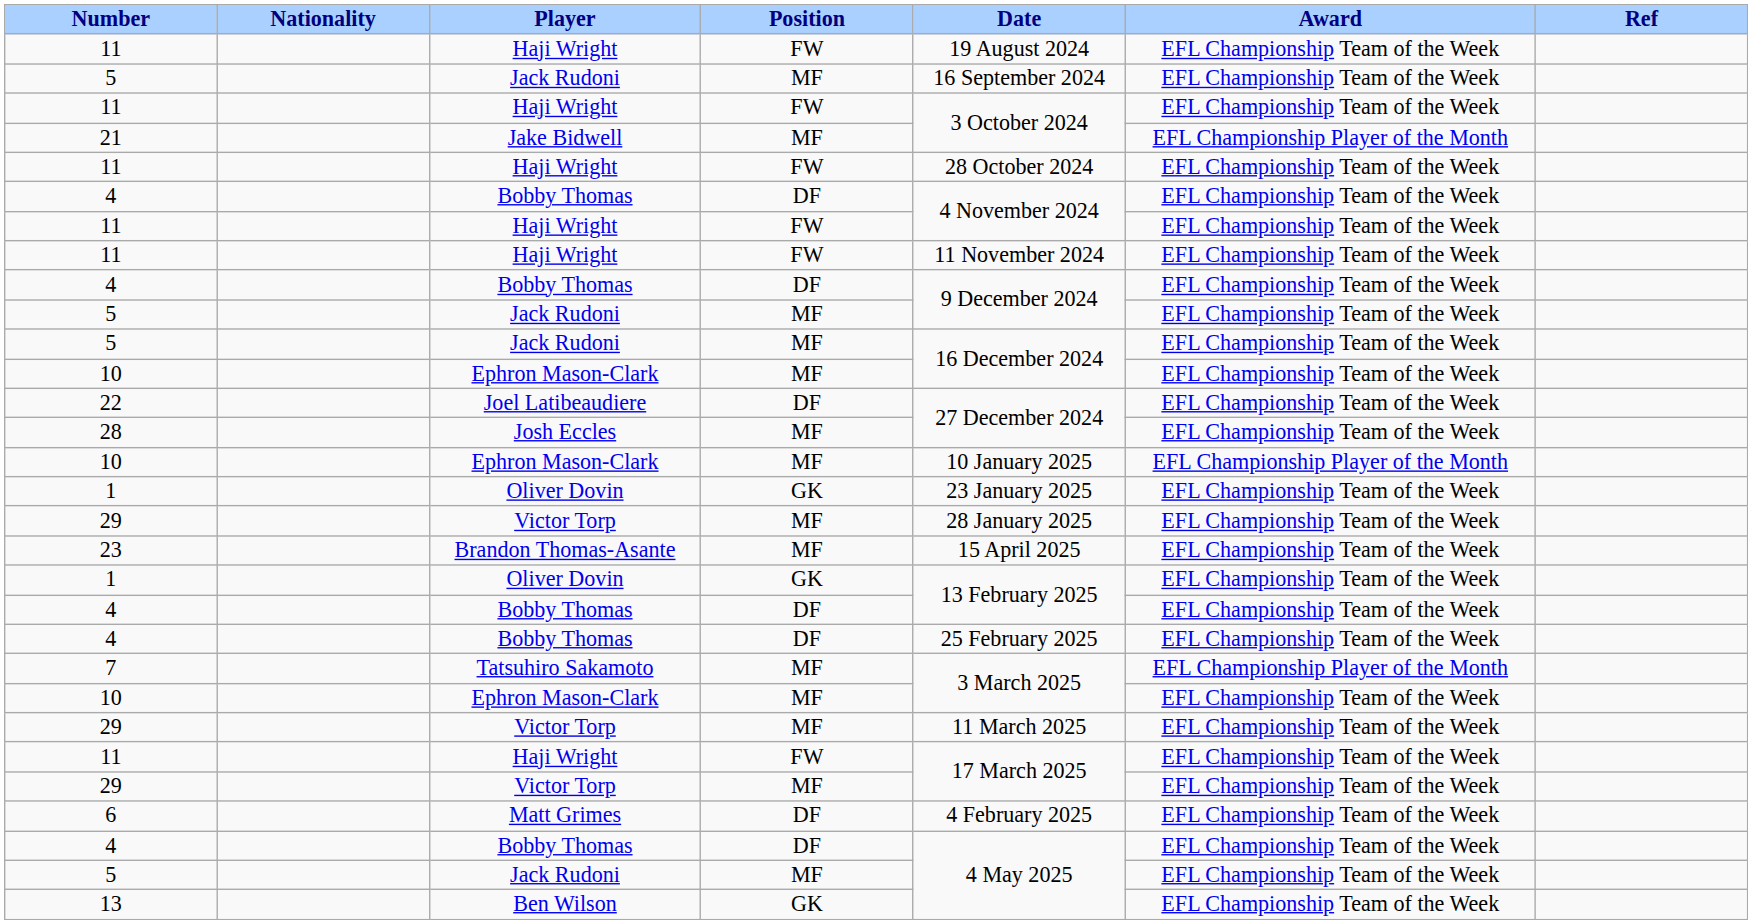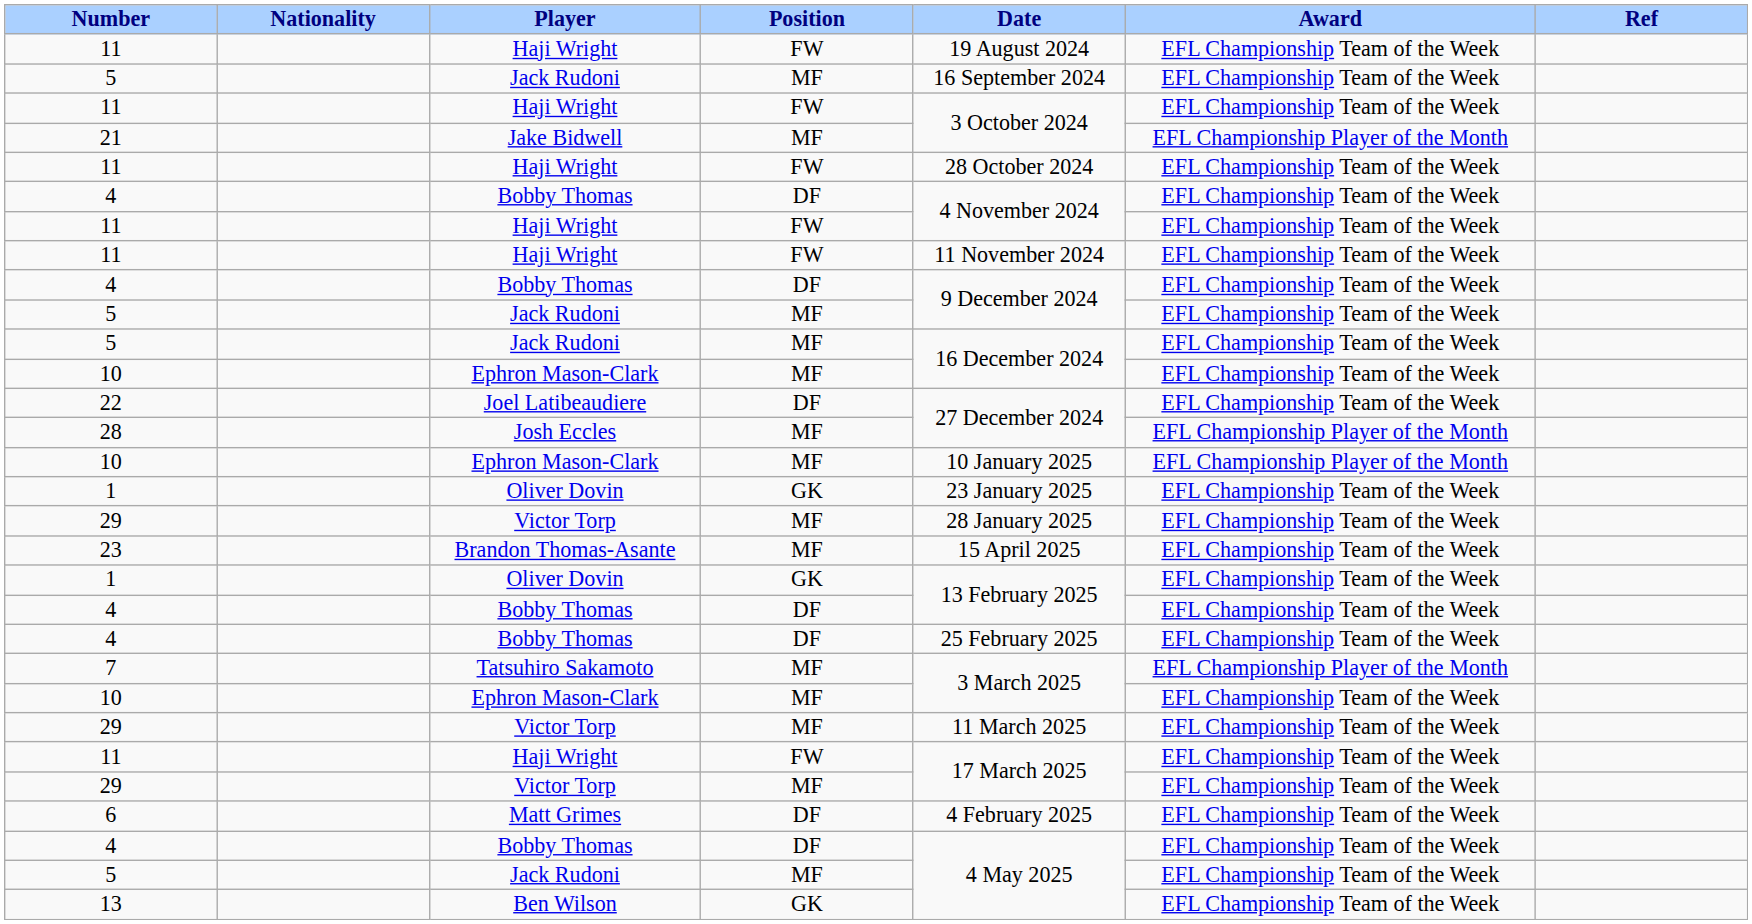 <table class="wikitable sortable alternance" style="font-size:100%; text-align:center; line-height:14px; width:100%;">
 <tr>
 <th style="background:#AAD0FF; color:#000080; width:100px;">Number</th>
 <th style="background:#AAD0FF; color:#000080; width:100px;">Nationality</th>
 <th style="background:#AAD0FF; color:#000080; width:130px;">Player</th>
 <th style="background:#AAD0FF; color:#000080; width:100px;">Position</th>
 <th style="background:#AAD0FF; color:#000080; width:100px;">Date</th>
 <th style="background:#AAD0FF; color:#000080; width:200px;">Award</th>
 <th style="background:#AAD0FF; color:#000080; width:100px;">Ref</th>
 </tr>
 <tr>
 <td>11</td>
 <td></td>
 <td><a href='#'>Haji Wright</a></td>
 <td>FW</td>
 <td>19 August 2024</td>
 <td><a href='#'>EFL Championship</a> Team of the Week</td>
 <td></td>
 </tr>
 <tr>
 <td>5</td>
 <td></td>
 <td><a href='#'>Jack Rudoni</a></td>
 <td>MF</td>
 <td>16 September 2024</td>
 <td><a href='#'>EFL Championship</a> Team of the Week</td>
 <td></td>
 </tr>
 <tr>
 <td>11</td>
 <td></td>
 <td><a href='#'>Haji Wright</a></td>
 <td>FW</td>
 <td rowspan=2>3 October 2024</td>
 <td><a href='#'>EFL Championship</a> Team of the Week</td>
 <td></td>
 </tr>
 <tr>
 <td>21</td>
 <td></td>
 <td><a href='#'>Jake Bidwell</a></td>
 <td>MF</td>
 <td><a href='#'>EFL Championship Player of the Month</a></td>
 <td></td>
 </tr>
 <tr>
 <td>11</td>
 <td></td>
 <td><a href='#'>Haji Wright</a></td>
 <td>FW</td>
 <td>28 October 2024</td>
 <td><a href='#'>EFL Championship</a> Team of the Week</td>
 <td></td>
 </tr>
 <tr>
 <td>4</td>
 <td></td>
 <td><a href='#'>Bobby Thomas</a></td>
 <td>DF</td>
 <td rowspan=2>4 November 2024</td>
 <td><a href='#'>EFL Championship</a> Team of the Week</td>
 <td></td>
 </tr>
 <tr>
 <td>11</td>
 <td></td>
 <td><a href='#'>Haji Wright</a></td>
 <td>FW</td>
 <td><a href='#'>EFL Championship</a> Team of the Week</td>
 <td></td>
 </tr>
 <tr>
 <td>11</td>
 <td></td>
 <td><a href='#'>Haji Wright</a></td>
 <td>FW</td>
 <td>11 November 2024</td>
 <td><a href='#'>EFL Championship</a> Team of the Week</td>
 <td></td>
 </tr>
 <tr>
 <td>4</td>
 <td></td>
 <td><a href='#'>Bobby Thomas</a></td>
 <td>DF</td>
 <td rowspan=2>9 December 2024</td>
 <td><a href='#'>EFL Championship</a> Team of the Week</td>
 <td></td>
 </tr>
 <tr>
 <td>5</td>
 <td></td>
 <td><a href='#'>Jack Rudoni</a></td>
 <td>MF</td>
 <td><a href='#'>EFL Championship</a> Team of the Week</td>
 <td></td>
 </tr>
 <tr>
 <td>5</td>
 <td></td>
 <td><a href='#'>Jack Rudoni</a></td>
 <td>MF</td>
 <td rowspan=2>16 December 2024</td>
 <td><a href='#'>EFL Championship</a> Team of the Week</td>
 <td></td>
 </tr>
 <tr>
 <td>10</td>
 <td></td>
 <td><a href='#'>Ephron Mason-Clark</a></td>
 <td>MF</td>
 <td><a href='#'>EFL Championship</a> Team of the Week</td>
 <td></td>
 </tr>
 <tr>
 <td>22</td>
 <td></td>
 <td><a href='#'>Joel Latibeaudiere</a></td>
 <td>DF</td>
 <td rowspan=2>27 December 2024</td>
 <td><a href='#'>EFL Championship</a> Team of the Week</td>
 <td></td>
 </tr>
 <tr>
 <td>28</td>
 <td></td>
 <td><a href='#'>Josh Eccles</a></td>
 <td>MF</td>
-<td><a href='#'>EFL Championship</a> Team of the Week</td>
+<td><a href='#'>EFL Championship Player of the Month</a></td>
 <td></td>
 </tr>
 <tr>
 <td>10</td>
 <td></td>
 <td><a href='#'>Ephron Mason-Clark</a></td>
 <td>MF</td>
 <td>10 January 2025</td>
 <td><a href='#'>EFL Championship Player of the Month</a></td>
 <td></td>
 </tr>
 <tr>
 <td>1</td>
 <td></td>
 <td><a href='#'>Oliver Dovin</a></td>
 <td>GK</td>
 <td>23 January 2025</td>
 <td><a href='#'>EFL Championship</a> Team of the Week</td>
 <td></td>
 </tr>
 <tr>
 <td>29</td>
 <td></td>
 <td><a href='#'>Victor Torp</a></td>
 <td>MF</td>
 <td>28 January 2025</td>
 <td><a href='#'>EFL Championship</a> Team of the Week</td>
 <td></td>
 </tr>
 <tr>
 <td>23</td>
 <td></td>
 <td><a href='#'>Brandon Thomas-Asante</a></td>
 <td>MF</td>
 <td>15 April 2025</td>
 <td><a href='#'>EFL Championship</a> Team of the Week</td>
 <td></td>
 </tr>
 <tr>
 <td>1</td>
 <td></td>
 <td><a href='#'>Oliver Dovin</a></td>
 <td>GK</td>
 <td rowspan=2>13 February 2025</td>
 <td><a href='#'>EFL Championship</a> Team of the Week</td>
 <td></td>
 </tr>
 <tr>
 <td>4</td>
 <td></td>
 <td><a href='#'>Bobby Thomas</a></td>
 <td>DF</td>
 <td><a href='#'>EFL Championship</a> Team of the Week</td>
 <td></td>
 </tr>
 <tr>
 <td>4</td>
 <td></td>
 <td><a href='#'>Bobby Thomas</a></td>
 <td>DF</td>
 <td>25 February 2025</td>
 <td><a href='#'>EFL Championship</a> Team of the Week</td>
 <td></td>
 </tr>
 <tr>
 <td>7</td>
 <td></td>
 <td><a href='#'>Tatsuhiro Sakamoto</a></td>
 <td>MF</td>
 <td rowspan=2>3 March 2025</td>
 <td><a href='#'>EFL Championship Player of the Month</a></td>
 <td></td>
 </tr>
 <tr>
 <td>10</td>
 <td></td>
 <td><a href='#'>Ephron Mason-Clark</a></td>
 <td>MF</td>
 <td><a href='#'>EFL Championship</a> Team of the Week</td>
 <td></td>
 </tr>
 <tr>
 <td>29</td>
 <td></td>
 <td><a href='#'>Victor Torp</a></td>
 <td>MF</td>
 <td>11 March 2025</td>
 <td><a href='#'>EFL Championship</a> Team of the Week</td>
 <td></td>
 </tr>
 <tr>
 <td>11</td>
 <td></td>
 <td><a href='#'>Haji Wright</a></td>
 <td>FW</td>
 <td rowspan=2>17 March 2025</td>
 <td><a href='#'>EFL Championship</a> Team of the Week</td>
 <td></td>
 </tr>
 <tr>
 <td>29</td>
 <td></td>
 <td><a href='#'>Victor Torp</a></td>
 <td>MF</td>
 <td><a href='#'>EFL Championship</a> Team of the Week</td>
 <td></td>
 </tr>
 <tr>
 <td>6</td>
 <td></td>
 <td><a href='#'>Matt Grimes</a></td>
 <td>DF</td>
 <td>4 February 2025</td>
 <td><a href='#'>EFL Championship</a> Team of the Week</td>
 <td></td>
 </tr>
 <tr>
 <td>4</td>
 <td></td>
 <td><a href='#'>Bobby Thomas</a></td>
 <td>DF</td>
 <td rowspan=3>4 May 2025</td>
 <td><a href='#'>EFL Championship</a> Team of the Week</td>
 <td></td>
 </tr>
 <tr>
 <td>5</td>
 <td></td>
 <td><a href='#'>Jack Rudoni</a></td>
 <td>MF</td>
 <td><a href='#'>EFL Championship</a> Team of the Week</td>
 <td></td>
 </tr>
 <tr>
 <td>13</td>
 <td></td>
 <td><a href='#'>Ben Wilson</a></td>
 <td>GK</td>
 <td><a href='#'>EFL Championship</a> Team of the Week</td>
 <td></td>
 </tr>
 </table>
